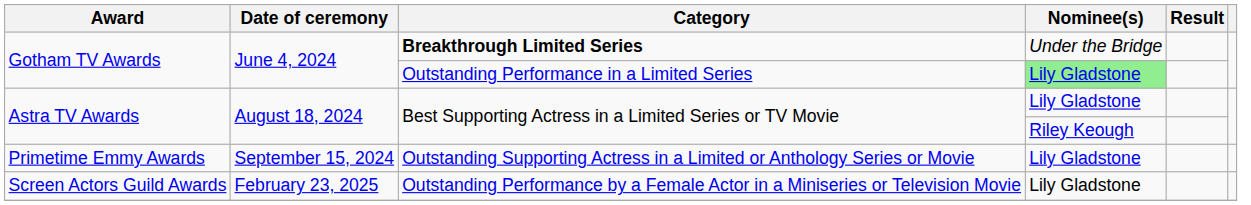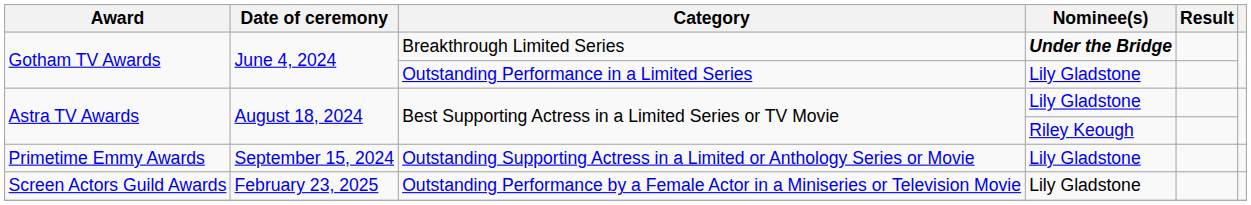 <table class="wikitable plainrowheaders sortable">
 <tr>
 <th scope="col">Award</th>
 <th scope="col">Date of ceremony</th>
 <th scope="col">Category</th>
 <th scope="col">Nominee(s)</th>
 <th scope="col">Result</th>
 <th scope="col" class="unsortable"></th>
 </tr>
 <tr>
 <td rowspan="2"><a href='#'>Gotham TV Awards</a></td>
 <td rowspan="2"><a href='#'>June 4, 2024</a></td>
-<td><strong>Breakthrough Limited Series</strong></td>
-<td><em>Under the Bridge</em></td>
+<td>Breakthrough Limited Series</td>
+<td><strong><em>Under the Bridge</em></strong></td>
 <td></td>
 <td style="text-align:center" rowspan="2"></td>
 </tr>
 <tr>
 <td><a href='#'>Outstanding Performance in a Limited Series</a></td>
-<td style="background: lightgreen;"><a href='#'>Lily Gladstone</a></td>
+<td><a href='#'>Lily Gladstone</a></td>
 <td></td>
 </tr>
 <tr>
 <td rowspan="2"><a href='#'>Astra TV Awards</a></td>
 <td rowspan="2"><a href='#'>August 18, 2024</a></td>
 <td rowspan="2">Best Supporting Actress in a Limited Series or TV Movie</td>
 <td><a href='#'>Lily Gladstone</a></td>
 <td></td>
 <td style="text-align:center" rowspan="2"></td>
 </tr>
 <tr>
 <td><a href='#'>Riley Keough</a></td>
 <td></td>
 </tr>
 <tr>
 <td><a href='#'>Primetime Emmy Awards</a></td>
 <td><a href='#'>September 15, 2024</a></td>
 <td><a href='#'>Outstanding Supporting Actress in a Limited or Anthology Series or Movie</a></td>
 <td><a href='#'>Lily Gladstone</a></td>
 <td></td>
 <td style="text-align:center"></td>
 </tr>
 <tr>
 <td><a href='#'>Screen Actors Guild Awards</a></td>
 <td><a href='#'>February 23, 2025</a></td>
 <td><a href='#'>Outstanding Performance by a Female Actor in a Miniseries or Television Movie</a></td>
 <td>Lily Gladstone</td>
 <td></td>
 <td style="text-align:center"></td>
 </tr>
 <tr>
 </tr>
 </table>
